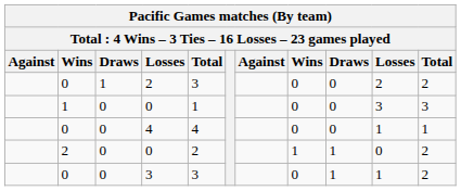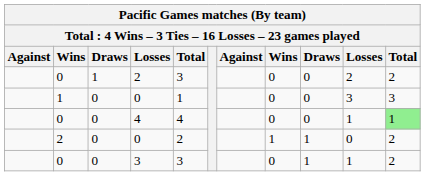 <table class="wikitable" style="text-align: left;">
 <tr>
 <th colspan=11>Pacific Games matches (By team)</th>
 </tr>
 <tr>
 <th colspan=11>Total : 4 Wins – 3 Ties – 16 Losses – 23 games played</th>
 </tr>
 <tr>
 <th>Against</th>
 <th>Wins</th>
 <th>Draws</th>
 <th>Losses</th>
 <th>Total</th>
 <th width="2%" rowspan="48"></th>
 <th>Against</th>
 <th>Wins</th>
 <th>Draws</th>
 <th>Losses</th>
 <th>Total</th>
 </tr>
 <tr>
 <td></td>
 <td>0</td>
 <td>1</td>
 <td>2</td>
 <td>3</td>
 <td></td>
 <td>0</td>
 <td>0</td>
 <td>2</td>
 <td>2</td>
 </tr>
 <tr>
 <td></td>
 <td>1</td>
 <td>0</td>
 <td>0</td>
 <td>1</td>
 <td></td>
 <td>0</td>
 <td>0</td>
 <td>3</td>
 <td>3</td>
 </tr>
 <tr>
 <td></td>
 <td>0</td>
 <td>0</td>
 <td>4</td>
 <td>4</td>
 <td></td>
 <td>0</td>
 <td>0</td>
 <td>1</td>
-<td>1</td>
+<td style="background: lightgreen;">1</td>
 </tr>
 <tr>
 <td></td>
 <td>2</td>
 <td>0</td>
 <td>0</td>
 <td>2</td>
 <td></td>
 <td>1</td>
 <td>1</td>
 <td>0</td>
 <td>2</td>
 </tr>
 <tr>
 <td></td>
 <td>0</td>
 <td>0</td>
 <td>3</td>
 <td>3</td>
 <td></td>
 <td>0</td>
 <td>1</td>
 <td>1</td>
 <td>2</td>
 </tr>
 </table>
